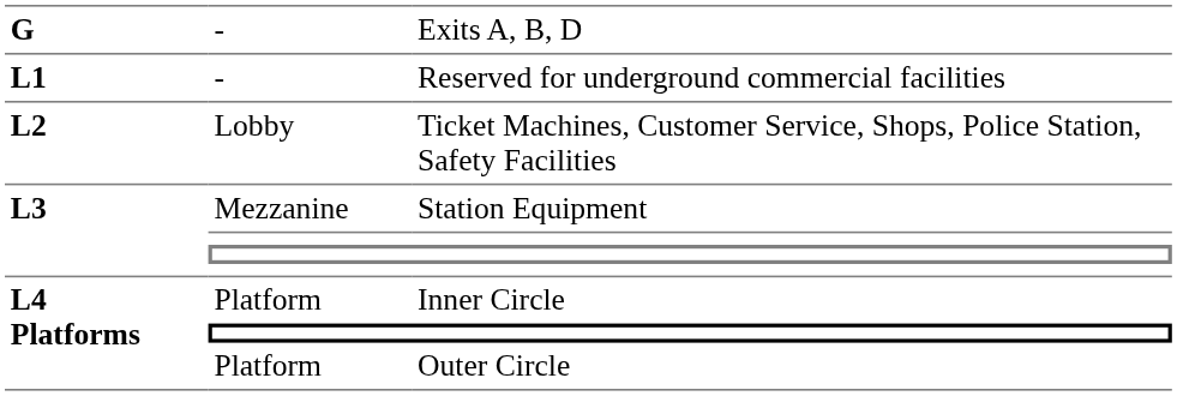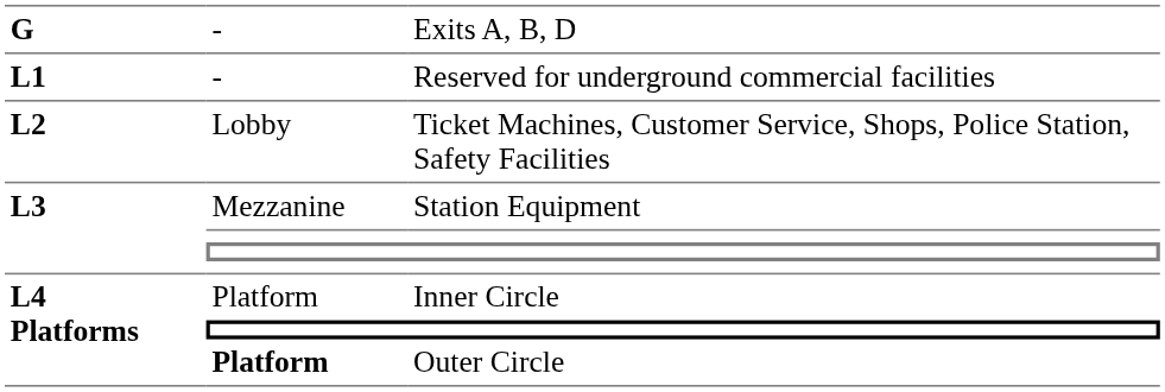 <table table border=0 cellspacing=0 cellpadding=3>
 <tr>
 <td style="border-top:solid 1px gray;" width=50 valign=top><strong>G</strong></td>
 <td style="border-top:solid 1px gray;" width=100 valign=top>-</td>
 <td style="border-top:solid 1px gray;" width=390 valign=top>Exits A, B, D</td>
 </tr>
 <tr>
 <td style="border-bottom:solid 1px gray; border-top:solid 1px gray;" valign=top><strong>L1</strong></td>
 <td style="border-bottom:solid 1px gray; border-top:solid 1px gray;" valign=top>-</td>
 <td style="border-bottom:solid 1px gray; border-top:solid 1px gray;" valign=top>Reserved for underground commercial facilities</td>
 </tr>
 <tr>
 <td style="border-bottom:solid 1px gray;" valign=top width=100><strong>L2</strong></td>
 <td style="border-bottom:solid 1px gray;" valign=top width=100>Lobby</td>
 <td style="border-bottom:solid 1px gray;" valign=top width=390>Ticket Machines, Customer Service, Shops, Police Station, Safety Facilities</td>
 </tr>
 <tr>
 <td style="border-bottom:solid 1px gray;" rowspan=4 valign=top><strong>L3<br></strong></td>
 <td style="border-bottom:solid 1px gray;">Mezzanine</td>
 <td style="border-bottom:solid 1px gray;">Station Equipment</td>
 </tr>
 <tr>
 <td></td>
 <td></td>
 </tr>
 <tr>
 <td style="border-right:solid 2px gray;border-left:solid 2px gray;border-top:solid 2px gray;border-bottom:solid 2px gray;text-align:center;" colspan=2></td>
 </tr>
 <tr>
 <td style="border-bottom:solid 1px gray;"></td>
 <td style="border-bottom:solid 1px gray;"></td>
 </tr>
 <tr>
 <td style="border-bottom:solid 1px gray;" rowspan=3 valign=top><strong>L4<br> Platforms</strong></td>
 <td>Platform </td>
 <td>  Inner Circle </td>
 </tr>
 <tr>
 <td style="border-right:solid 2px black;border-left:solid 2px black;border-top:solid 2px black;border-bottom:solid 2px black;text-align:center;" colspan=2></td>
 </tr>
 <tr>
-<td style="border-bottom:solid 1px gray;">Platform </td>
+<td style="border-bottom:solid 1px gray;"><strong>Platform </strong></td>
 <td style="border-bottom:solid 1px gray;"> Outer Circle  </td>
 </tr>
 <tr>
 </tr>
 </table>
